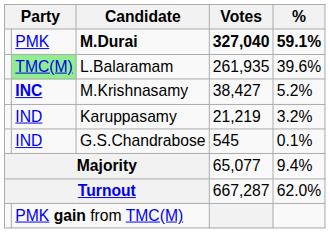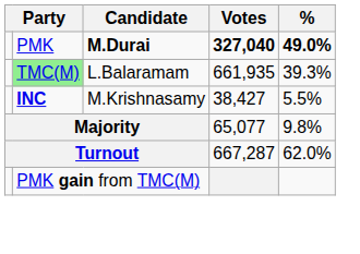 <table class="wikitable sortable">
 <tr>
 <th colspan="2">Party</th>
 <th>Candidate</th>
 <th>Votes</th>
 <th>%</th>
 </tr>
 <tr>
 <td></td>
 <td><a href='#'>PMK</a></td>
 <td><strong>M.Durai</strong></td>
 <td><strong>327,040</strong></td>
-<td><strong>59.1%</strong></td>
+<td><strong>49.0%</strong></td>
 </tr>
 <tr>
 <td></td>
 <td style="background: lightgreen;"><a href='#'>TMC(M)</a></td>
 <td>L.Balaramam</td>
-<td>261,935</td>
-<td>39.6%</td>
+<td>661,935</td>
+<td>39.3%</td>
 </tr>
 <tr>
 <td></td>
 <td><strong><a href='#'>INC</a></strong></td>
 <td>M.Krishnasamy</td>
 <td>38,427</td>
-<td>5.2%</td>
-</tr>
-<tr>
-<td></td>
-<td><a href='#'>IND</a></td>
-<td>Karuppasamy</td>
-<td>21,219</td>
-<td>3.2%</td>
-</tr>
-<tr>
-<td></td>
-<td><a href='#'>IND</a></td>
-<td>G.S.Chandrabose</td>
-<td>545</td>
-<td>0.1%</td>
+<td>5.5%</td>
 </tr>
 <tr>
 <th colspan="3">Majority</th>
 <td>65,077</td>
-<td>9.4%</td>
+<td>9.8%</td>
 </tr>
 <tr>
 <th colspan="3"><a href='#'>Turnout</a></th>
 <td>667,287</td>
 <td>62.0%</td>
 </tr>
 <tr>
 <td></td>
 <td colspan="2"><a href='#'>PMK</a> <strong>gain</strong> from <a href='#'>TMC(M)</a></td>
 <th></th>
 <td></td>
 </tr>
 </table>
